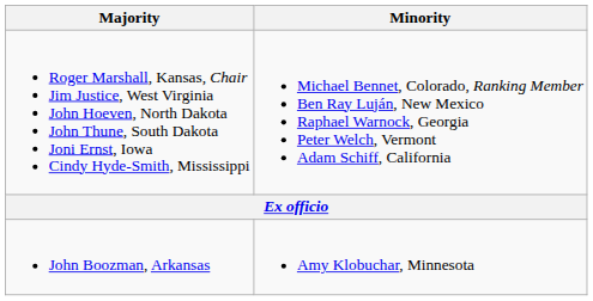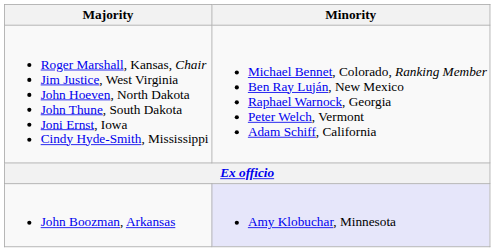 <table class=wikitable>
 <tr>
 <th>Majority</th>
 <th>Minority</th>
 </tr>
 <tr>
 <td><br><ul><li><a href='#'>Roger Marshall</a>, Kansas, <em>Chair</em></li><li><a href='#'>Jim Justice</a>, West Virginia</li><li><a href='#'>John Hoeven</a>, North Dakota</li><li><a href='#'>John Thune</a>, South Dakota</li><li><a href='#'>Joni Ernst</a>, Iowa</li><li><a href='#'>Cindy Hyde-Smith</a>, Mississippi</li></ul></td>
 <td><br><ul><li><a href='#'>Michael Bennet</a>, Colorado, <em>Ranking Member</em></li><li><a href='#'>Ben Ray Luján</a>, New Mexico</li><li><a href='#'>Raphael Warnock</a>, Georgia</li><li><a href='#'>Peter Welch</a>, Vermont</li><li><a href='#'>Adam Schiff</a>, California</li></ul></td>
 </tr>
 <tr>
 <th colspan=2><em><a href='#'>Ex officio</a></em></th>
 </tr>
 <tr>
 <td><br><ul><li><a href='#'>John Boozman</a>, <a href='#'>Arkansas</a></li></ul></td>
-<td><br><ul><li><a href='#'>Amy Klobuchar</a>, Minnesota</li></ul></td>
+<td style="background: lavender;"><br><ul><li><a href='#'>Amy Klobuchar</a>, Minnesota</li></ul></td>
 </tr>
 </table>
